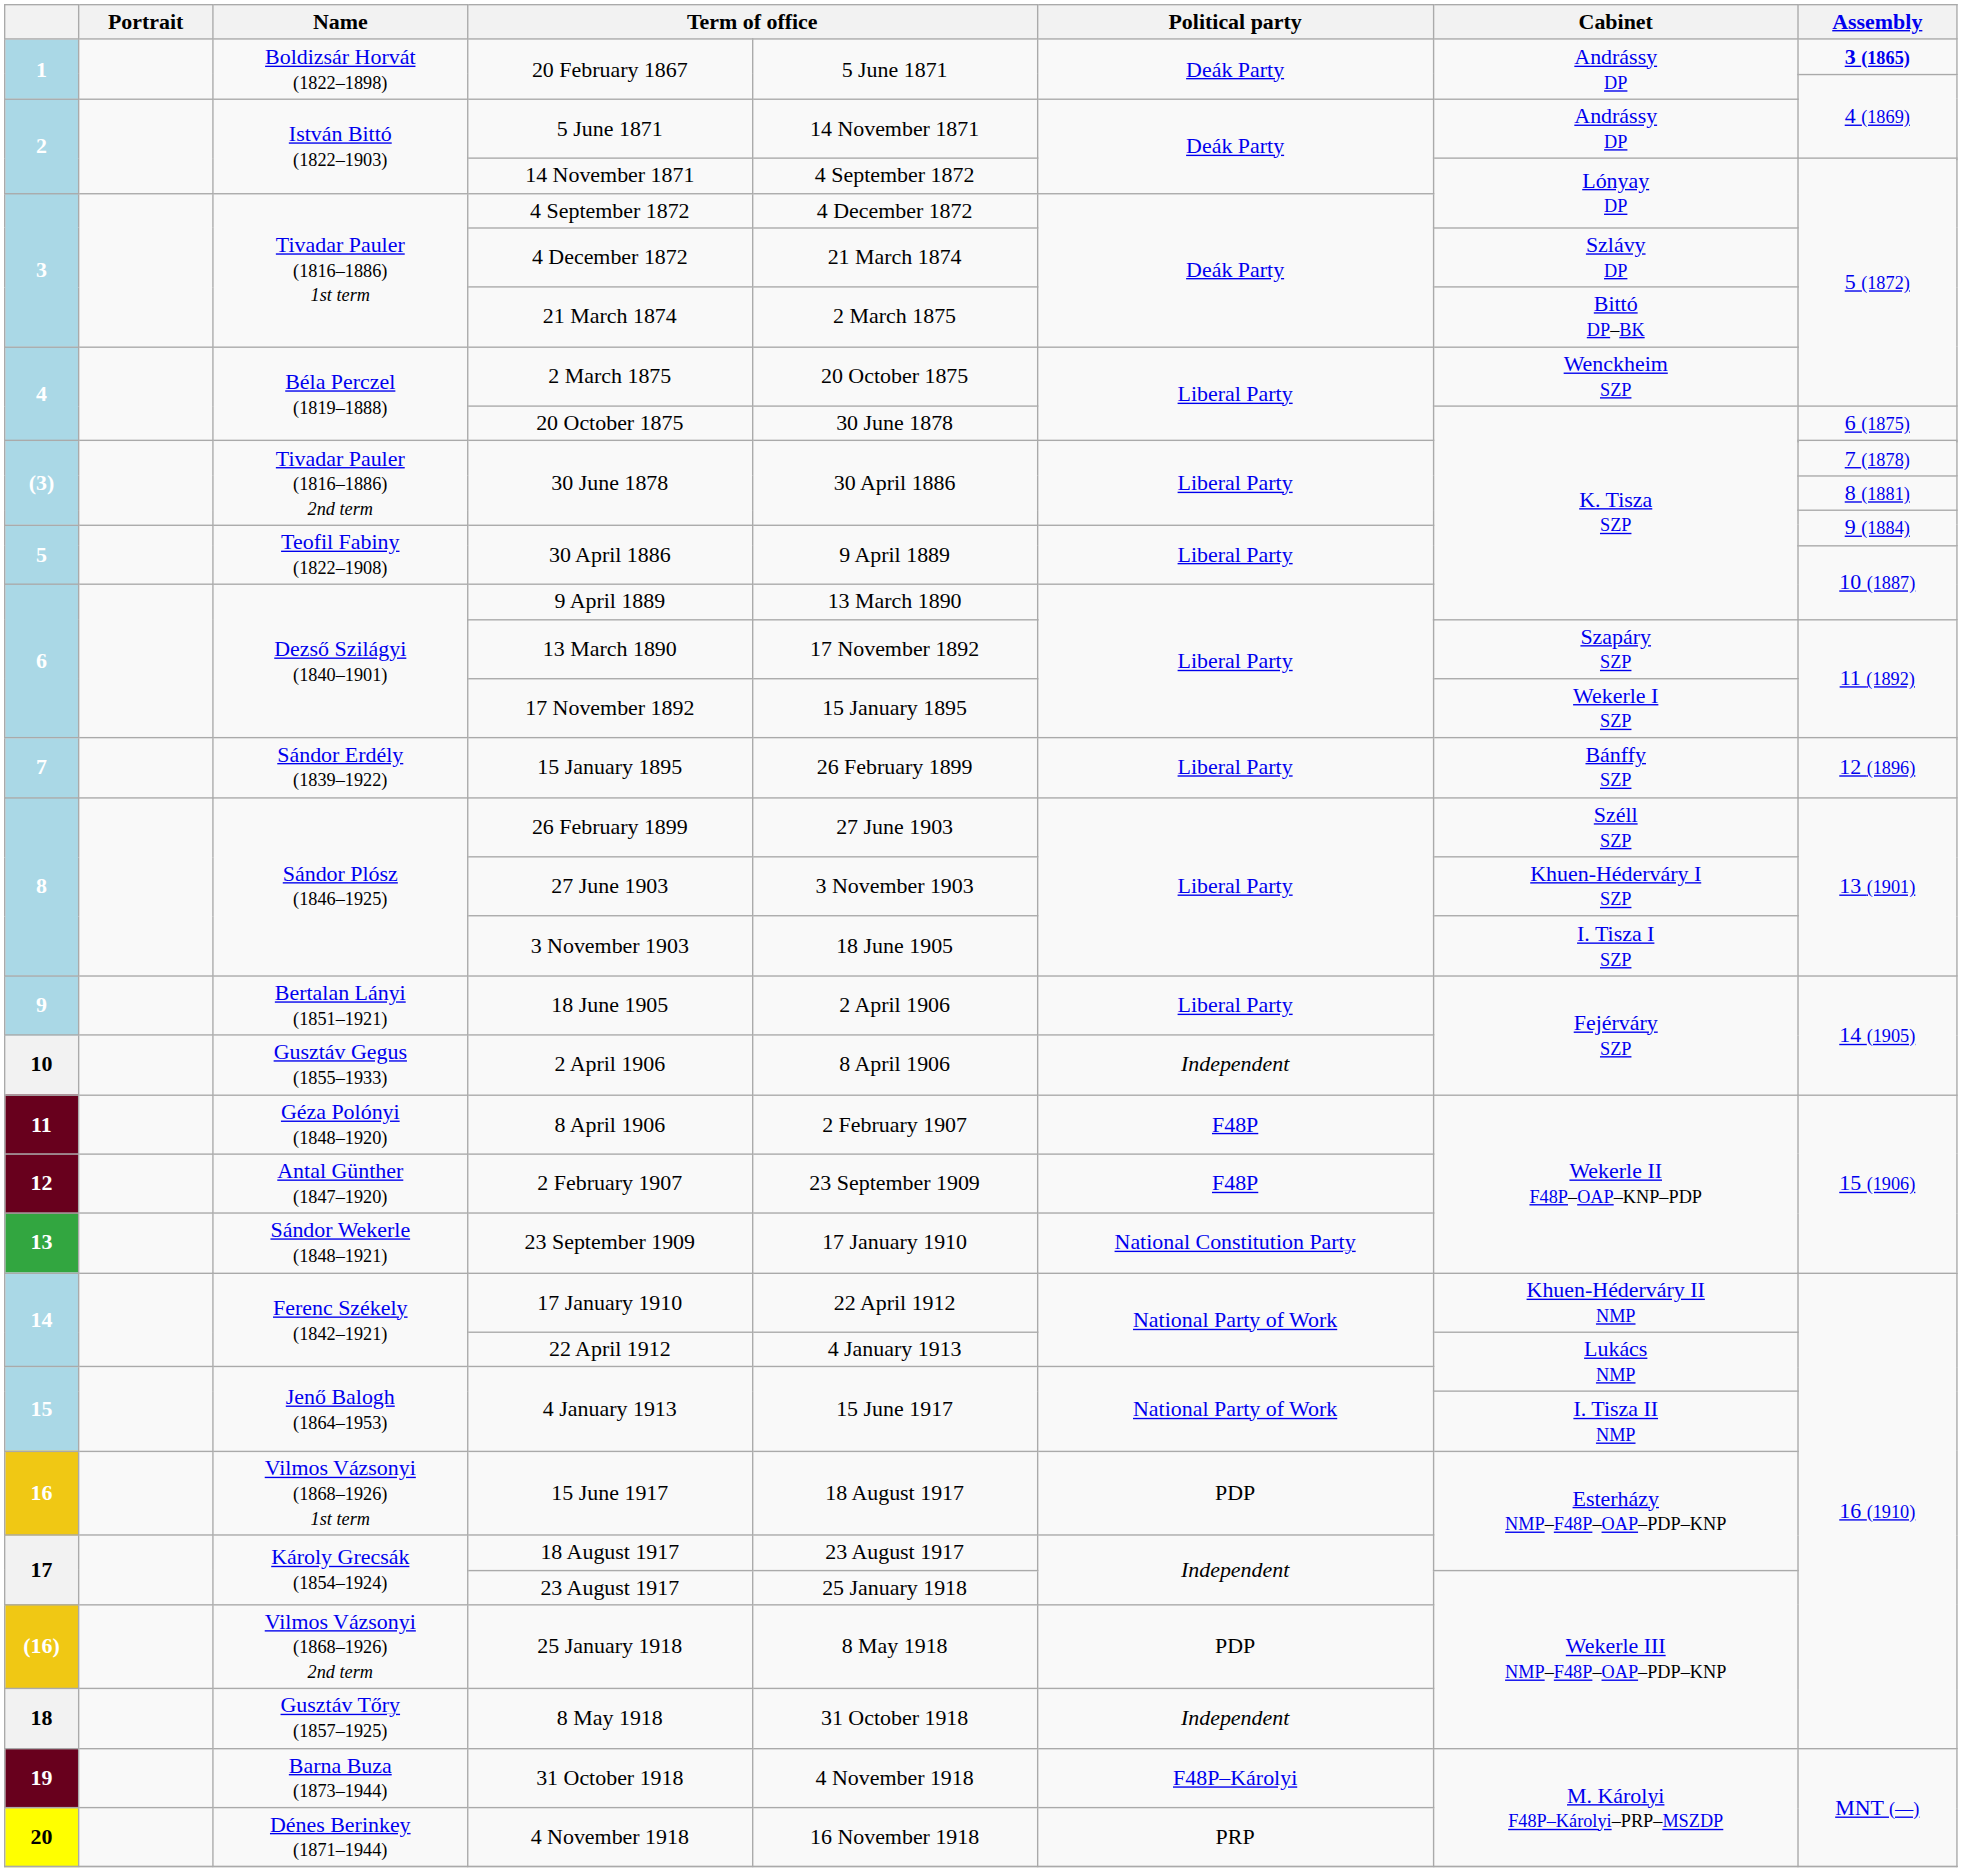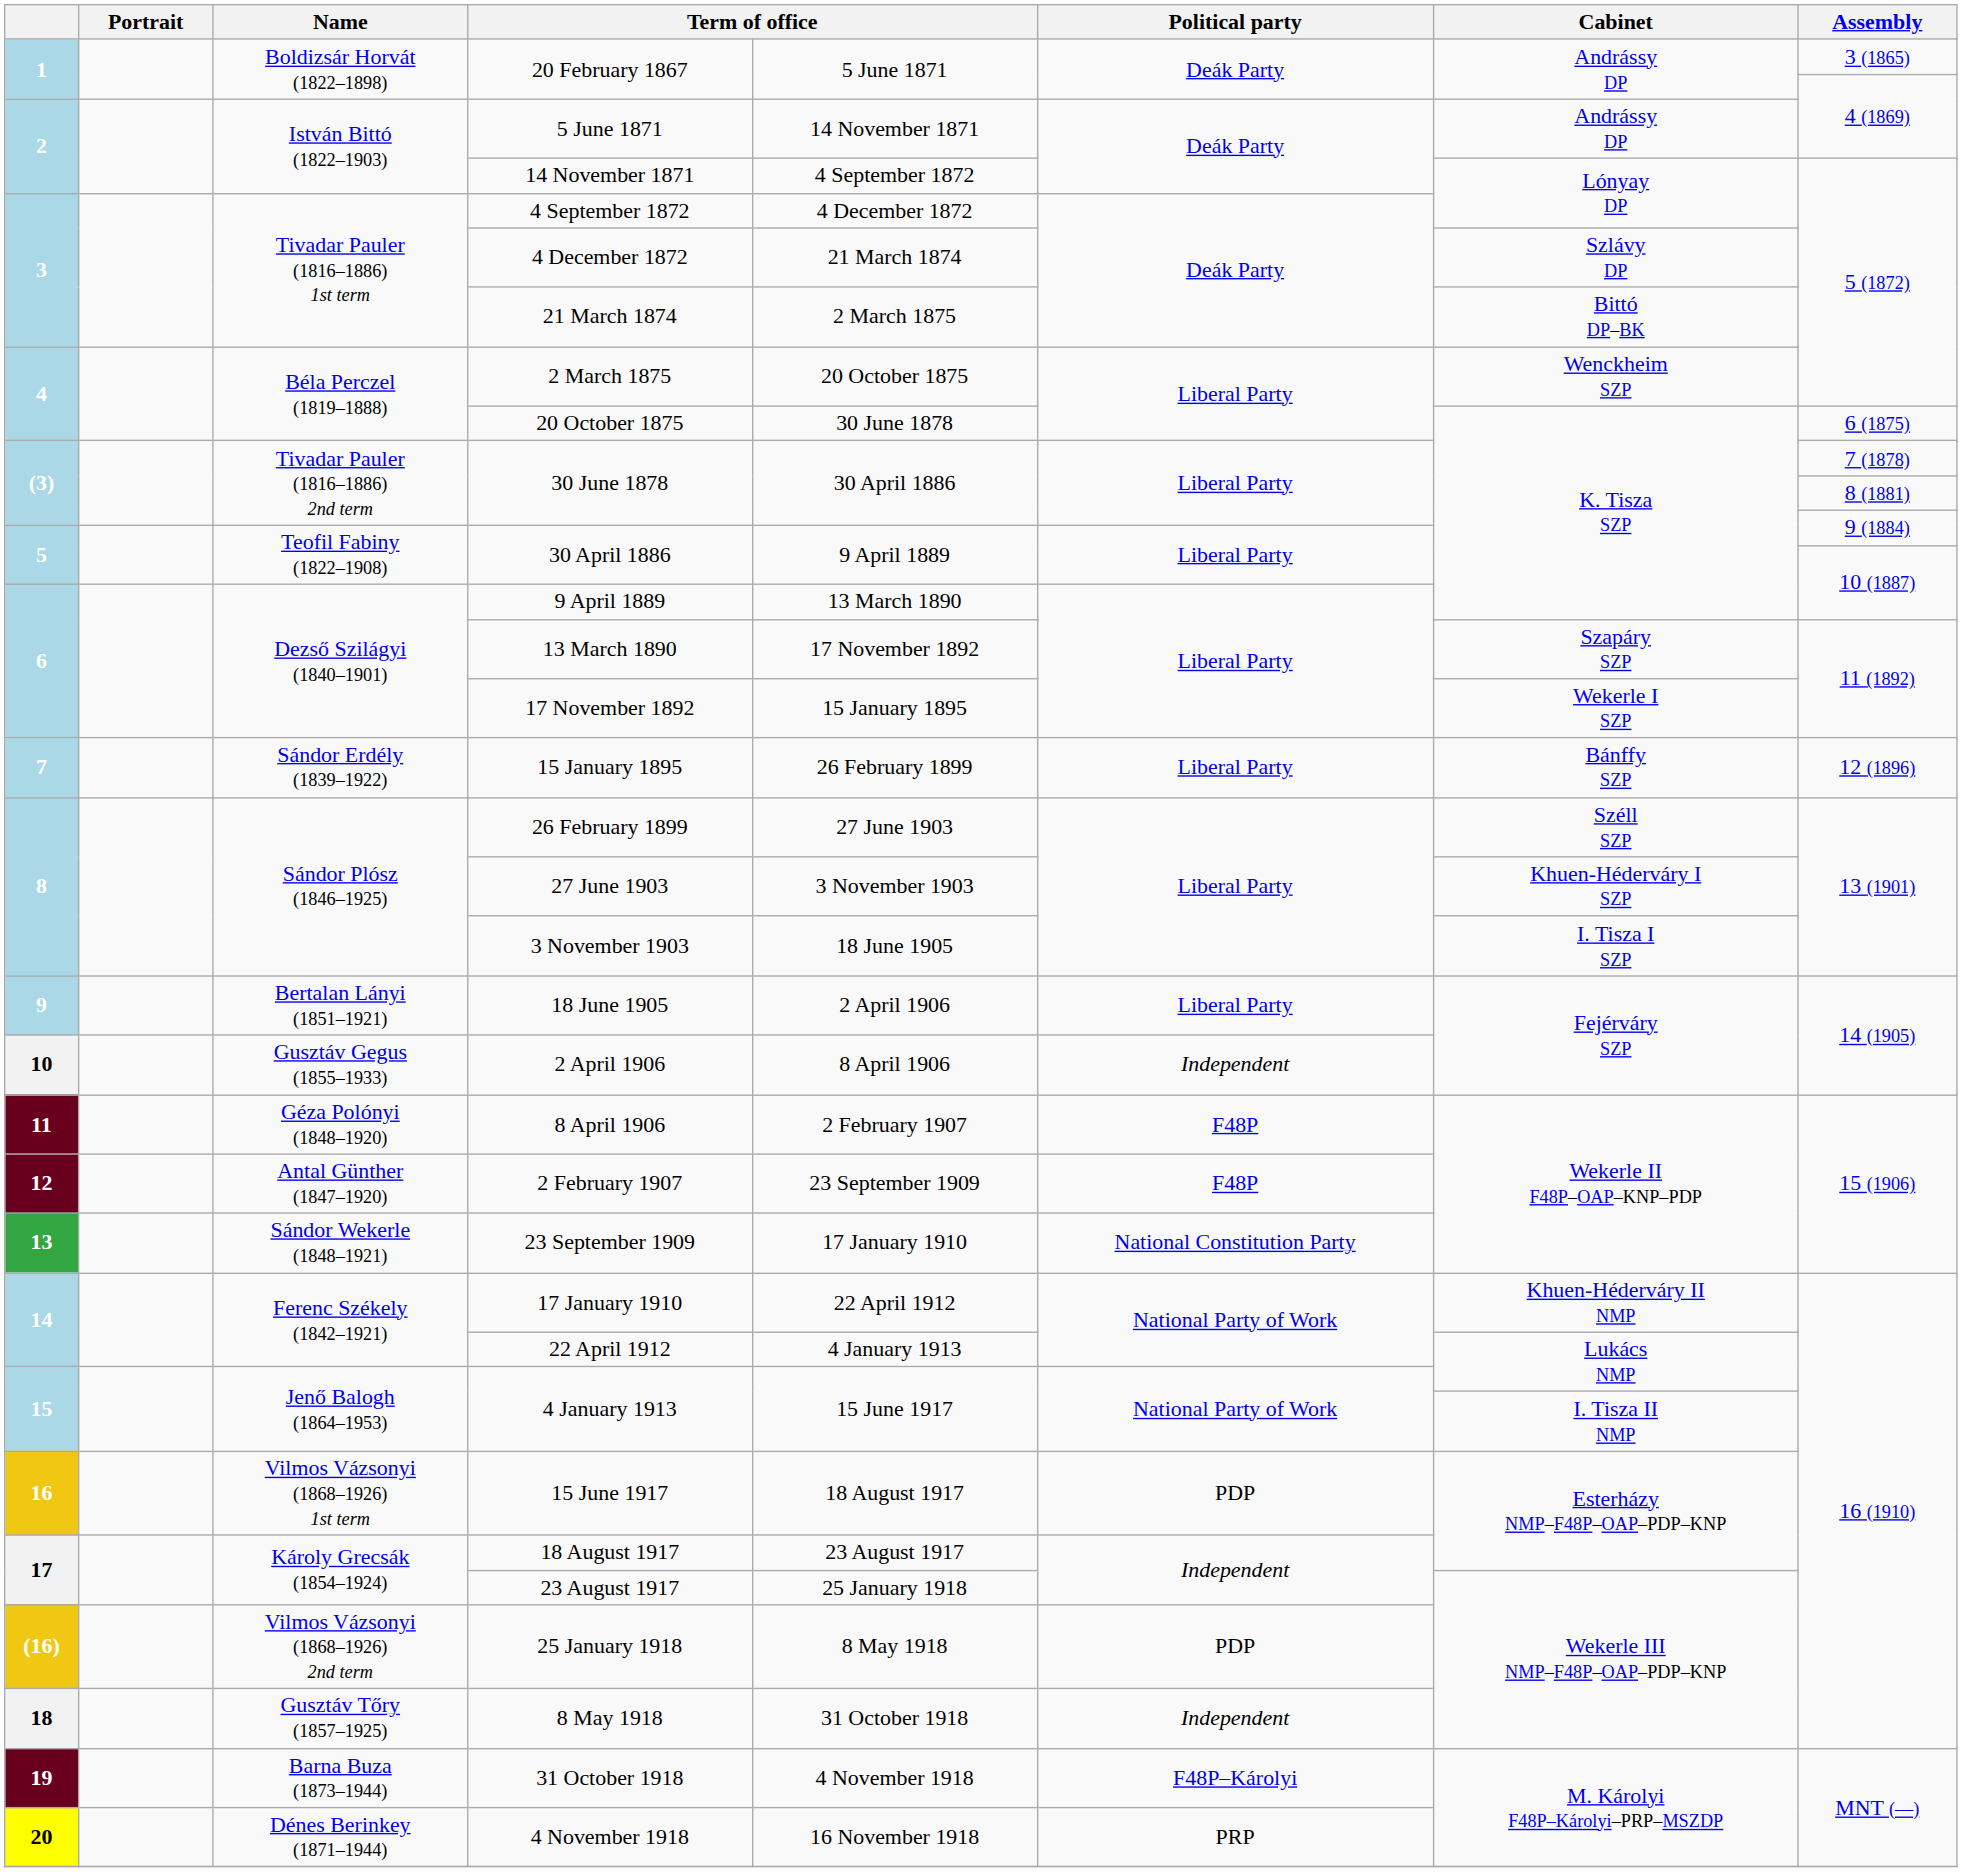 <table class="wikitable" style="width:90%; text-align:center;">
 <tr>
 <th></th>
 <th>Portrait</th>
 <th>Name<br></th>
 <th colspan=2>Term of office</th>
 <th>Political party</th>
 <th>Cabinet</th>
 <th><a href='#'>Assembly</a><br></th>
 </tr>
 <tr>
 <th rowspan="2" style="background-color:#AAD8E6; color:white">1</th>
 <td rowspan="2"></td>
 <td rowspan="2"><a href='#'>Boldizsár Horvát</a><br><small>(1822–1898)</small></td>
 <td rowspan="2">20 February 1867</td>
 <td rowspan="2">5 June 1871</td>
 <td rowspan="2"><a href='#'>Deák Party</a></td>
 <td rowspan="2"><a href='#'>Andrássy</a><br><small><a href='#'>DP</a></small></td>
-<td><strong><a href='#'>3 <small>(1865)</small></a></strong></td>
+<td><a href='#'>3 <small>(1865)</small></a></td>
 </tr>
 <tr>
 <td rowspan="3"><a href='#'>4 <small>(1869)</small></a></td>
 </tr>
 <tr>
 <th rowspan="3" style="background-color:#AAD8E6; color:white">2</th>
 <td rowspan="3"></td>
 <td rowspan="3"><a href='#'>István Bittó</a><br><small>(1822–1903)</small></td>
 <td>5 June 1871</td>
 <td>14 November 1871</td>
 <td rowspan="3"><a href='#'>Deák Party</a></td>
 <td><a href='#'>Andrássy</a><br><small><a href='#'>DP</a></small></td>
 </tr>
 <tr>
 <td rowspan="2">14 November 1871</td>
 <td rowspan="2">4 September 1872</td>
 <td rowspan="3"><a href='#'>Lónyay</a><br><small><a href='#'>DP</a></small></td>
 </tr>
 <tr>
 <td rowspan="5"><a href='#'>5 <small>(1872)</small></a></td>
 </tr>
 <tr>
 <th rowspan="3" style="background-color:#AAD8E6; color:white">3</th>
 <td rowspan="3"></td>
 <td rowspan="3"><a href='#'>Tivadar Pauler</a><br><small>(1816–1886)<br><em>1st term</em></small></td>
 <td>4 September 1872</td>
 <td>4 December 1872</td>
 <td rowspan="3"><a href='#'>Deák Party</a></td>
 </tr>
 <tr>
 <td>4 December 1872</td>
 <td>21 March 1874</td>
 <td><a href='#'>Szlávy</a><br><small><a href='#'>DP</a></small></td>
 </tr>
 <tr>
 <td>21 March 1874</td>
 <td>2 March 1875</td>
 <td><a href='#'>Bittó</a><br><small><a href='#'>DP</a>–<a href='#'>BK</a></small></td>
 </tr>
 <tr>
 <th rowspan="2" style="background-color:#AAD8E6; color:white">4</th>
 <td rowspan="2"></td>
 <td rowspan="2"><a href='#'>Béla Perczel</a><br><small>(1819–1888)</small></td>
 <td>2 March 1875</td>
 <td>20 October 1875</td>
 <td rowspan="2"><a href='#'>Liberal Party</a></td>
 <td><a href='#'>Wenckheim</a><br><small><a href='#'>SZP</a></small></td>
 </tr>
 <tr>
 <td>20 October 1875</td>
 <td>30 June 1878</td>
 <td rowspan="8"><a href='#'>K. Tisza</a><br><small><a href='#'>SZP</a></small></td>
 <td rowspan="2"><a href='#'>6 <small>(1875)</small></a></td>
 </tr>
 <tr>
 <th rowspan="4" style="background-color:#AAD8E6; color:white">(3)</th>
 <td rowspan="4"></td>
 <td rowspan="4"><a href='#'>Tivadar Pauler</a><br><small>(1816–1886)<br><em>2nd term</em></small></td>
 <td rowspan="4">30 June 1878</td>
 <td rowspan="4">30 April 1886</td>
 <td rowspan="4"><a href='#'>Liberal Party</a></td>
 </tr>
 <tr>
 <td><a href='#'>7 <small>(1878)</small></a></td>
 </tr>
 <tr>
 <td><a href='#'>8 <small>(1881)</small></a></td>
 </tr>
 <tr>
 <td rowspan="2"><a href='#'>9 <small>(1884)</small></a></td>
 </tr>
 <tr>
 <th rowspan="2" style="background-color:#AAD8E6; color:white">5</th>
 <td rowspan="2"></td>
 <td rowspan="2"><a href='#'>Teofil Fabiny</a><br><small>(1822–1908)</small></td>
 <td rowspan="2">30 April 1886</td>
 <td rowspan="2">9 April 1889</td>
 <td rowspan="2"><a href='#'>Liberal Party</a></td>
 </tr>
 <tr>
 <td rowspan="3"><a href='#'>10 <small>(1887)</small></a></td>
 </tr>
 <tr>
 <th rowspan="4" style="background-color:#AAD8E6; color:white">6</th>
 <td rowspan="4"></td>
 <td rowspan="4"><a href='#'>Dezső Szilágyi</a><br><small>(1840–1901)</small></td>
 <td>9 April 1889</td>
 <td>13 March 1890</td>
 <td rowspan="4"><a href='#'>Liberal Party</a></td>
 </tr>
 <tr>
 <td rowspan="2">13 March 1890</td>
 <td rowspan="2">17 November 1892</td>
 <td rowspan="2"><a href='#'>Szapáry</a><br><small><a href='#'>SZP</a></small></td>
 </tr>
 <tr>
 <td rowspan="3"><a href='#'>11 <small>(1892)</small></a></td>
 </tr>
 <tr>
 <td>17 November 1892</td>
 <td>15 January 1895</td>
 <td><a href='#'>Wekerle I</a><br><small><a href='#'>SZP</a></small></td>
 </tr>
 <tr>
 <th rowspan="2" style="background-color:#AAD8E6; color:white">7</th>
 <td rowspan="2"></td>
 <td rowspan="2"><a href='#'>Sándor Erdély</a><br><small>(1839–1922)</small></td>
 <td rowspan="2">15 January 1895</td>
 <td rowspan="2">26 February 1899</td>
 <td rowspan="2"><a href='#'>Liberal Party</a></td>
 <td rowspan="2"><a href='#'>Bánffy</a><br><small><a href='#'>SZP</a></small></td>
 </tr>
 <tr>
 <td rowspan="2"><a href='#'>12 <small>(1896)</small></a></td>
 </tr>
 <tr>
 <th rowspan="4" style="background-color:#AAD8E6; color:white">8</th>
 <td rowspan="4"></td>
 <td rowspan="4"><a href='#'>Sándor Plósz</a><br><small>(1846–1925)</small></td>
 <td rowspan="2">26 February 1899</td>
 <td rowspan="2">27 June 1903</td>
 <td rowspan="4"><a href='#'>Liberal Party</a></td>
 <td rowspan="2"><a href='#'>Széll</a><br><small><a href='#'>SZP</a></small></td>
 </tr>
 <tr>
 <td rowspan="3"><a href='#'>13 <small>(1901)</small></a></td>
 </tr>
 <tr>
 <td>27 June 1903</td>
 <td>3 November 1903</td>
 <td><a href='#'>Khuen-Héderváry I</a><br><small><a href='#'>SZP</a></small></td>
 </tr>
 <tr>
 <td>3 November 1903</td>
 <td>18 June 1905</td>
 <td><a href='#'>I. Tisza I</a><br><small><a href='#'>SZP</a></small></td>
 </tr>
 <tr>
 <th style="background-color:#AAD8E6; color:white">9</th>
 <td></td>
 <td><a href='#'>Bertalan Lányi</a><br><small>(1851–1921)</small></td>
 <td>18 June 1905</td>
 <td>2 April 1906</td>
 <td><a href='#'>Liberal Party</a></td>
 <td rowspan="2"><a href='#'>Fejérváry</a><br><small><a href='#'>SZP</a></small></td>
 <td rowspan="2"><a href='#'>14 <small>(1905)</small></a></td>
 </tr>
 <tr>
 <th style="background:">10</th>
 <td></td>
 <td><a href='#'>Gusztáv Gegus</a><br><small>(1855–1933)</small></td>
 <td>2 April 1906</td>
 <td>8 April 1906</td>
 <td><em>Independent</em></td>
 </tr>
 <tr>
 <th style="background-color:#68001D; color:white">11</th>
 <td></td>
 <td><a href='#'>Géza Polónyi</a><br><small>(1848–1920)</small></td>
 <td>8 April 1906</td>
 <td>2 February 1907</td>
 <td><a href='#'>F48P</a></td>
 <td rowspan="3"><a href='#'>Wekerle II</a><br><small><a href='#'>F48P</a>–<a href='#'>OAP</a>–KNP–PDP</small></td>
 <td rowspan="4"><a href='#'>15 <small>(1906)</small></a></td>
 </tr>
 <tr>
 <th style="background-color:#68001D; color:white">12</th>
 <td></td>
 <td><a href='#'>Antal Günther</a><br><small>(1847–1920)</small></td>
 <td>2 February 1907</td>
 <td>23 September 1909</td>
 <td><a href='#'>F48P</a></td>
 </tr>
 <tr>
 <th style="background-color:#32A640; color:white">13</th>
 <td></td>
 <td><a href='#'>Sándor Wekerle</a><br><small>(1848–1921)</small></td>
 <td>23 September 1909</td>
 <td>17 January 1910</td>
 <td><a href='#'>National Constitution Party</a></td>
 </tr>
 <tr>
 <th rowspan="3" style="background-color:#AAD8E6; color:white">14</th>
 <td rowspan="3"></td>
 <td rowspan="3"><a href='#'>Ferenc Székely</a><br><small>(1842–1921)</small></td>
 <td rowspan="2">17 January 1910</td>
 <td rowspan="2">22 April 1912</td>
 <td rowspan="3"><a href='#'>National Party of Work</a></td>
 <td rowspan="2"><a href='#'>Khuen-Héderváry II</a><br><small><a href='#'>NMP</a></small></td>
 </tr>
 <tr>
 <td rowspan="9"><a href='#'>16 <small>(1910)</small></a></td>
 </tr>
 <tr>
 <td>22 April 1912</td>
 <td>4 January 1913</td>
 <td rowspan="2"><a href='#'>Lukács</a><br><small><a href='#'>NMP</a></small></td>
 </tr>
 <tr>
 <th rowspan="2" style="background-color:#AAD8E6; color:white">15</th>
 <td rowspan="2"></td>
 <td rowspan="2"><a href='#'>Jenő Balogh</a><br><small>(1864–1953)</small></td>
 <td rowspan="2">4 January 1913</td>
 <td rowspan="2">15 June 1917</td>
 <td rowspan="2"><a href='#'>National Party of Work</a></td>
 </tr>
 <tr>
 <td><a href='#'>I. Tisza II</a><br><small><a href='#'>NMP</a></small></td>
 </tr>
 <tr>
 <th style="background-color:#F0C814; color:white">16</th>
 <td></td>
 <td><a href='#'>Vilmos Vázsonyi</a><br><small>(1868–1926)<br><em>1st term</em></small></td>
 <td>15 June 1917</td>
 <td>18 August 1917</td>
 <td>PDP</td>
 <td rowspan="2"><a href='#'>Esterházy</a><br><small><a href='#'>NMP</a>–<a href='#'>F48P</a>–<a href='#'>OAP</a>–PDP–KNP</small></td>
 </tr>
 <tr>
 <th rowspan="2" style="background:">17</th>
 <td rowspan="2"></td>
 <td rowspan="2"><a href='#'>Károly Grecsák</a><br><small>(1854–1924)</small></td>
 <td>18 August 1917</td>
 <td>23 August 1917</td>
 <td rowspan="2"><em>Independent</em></td>
 </tr>
 <tr>
 <td>23 August 1917</td>
 <td>25 January 1918</td>
 <td rowspan="3"><a href='#'>Wekerle III</a><br><small><a href='#'>NMP</a>–<a href='#'>F48P</a>–<a href='#'>OAP</a>–PDP–KNP</small></td>
 </tr>
 <tr>
 <th style="background-color:#F0C814; color:white">(16)</th>
 <td></td>
 <td><a href='#'>Vilmos Vázsonyi</a><br><small>(1868–1926)<br><em>2nd term</em></small></td>
 <td>25 January 1918</td>
 <td>8 May 1918</td>
 <td>PDP</td>
 </tr>
 <tr>
 <th style="background:">18</th>
 <td></td>
 <td><a href='#'>Gusztáv Tőry</a><br><small>(1857–1925)</small></td>
 <td>8 May 1918</td>
 <td>31 October 1918</td>
 <td><em>Independent</em></td>
 </tr>
 <tr>
 <th style="background-color:#68001D; color:white">19</th>
 <td></td>
 <td><a href='#'>Barna Buza</a><br><small>(1873–1944)</small></td>
 <td>31 October 1918</td>
 <td>4 November 1918</td>
 <td><a href='#'>F48P–Károlyi</a></td>
 <td rowspan="2"><a href='#'>M. Károlyi</a><br><small><a href='#'>F48P–Károlyi</a>–PRP–<a href='#'>MSZDP</a></small></td>
 <td rowspan="2"><a href='#'>MNT <small>(—)</small></a></td>
 </tr>
 <tr>
 <th style="background-color:#FFFF00; color:black">20</th>
 <td></td>
 <td><a href='#'>Dénes Berinkey</a><br><small>(1871–1944)</small></td>
 <td>4 November 1918</td>
 <td>16 November 1918</td>
 <td>PRP</td>
 </tr>
 <tr>
 </tr>
 </table>
